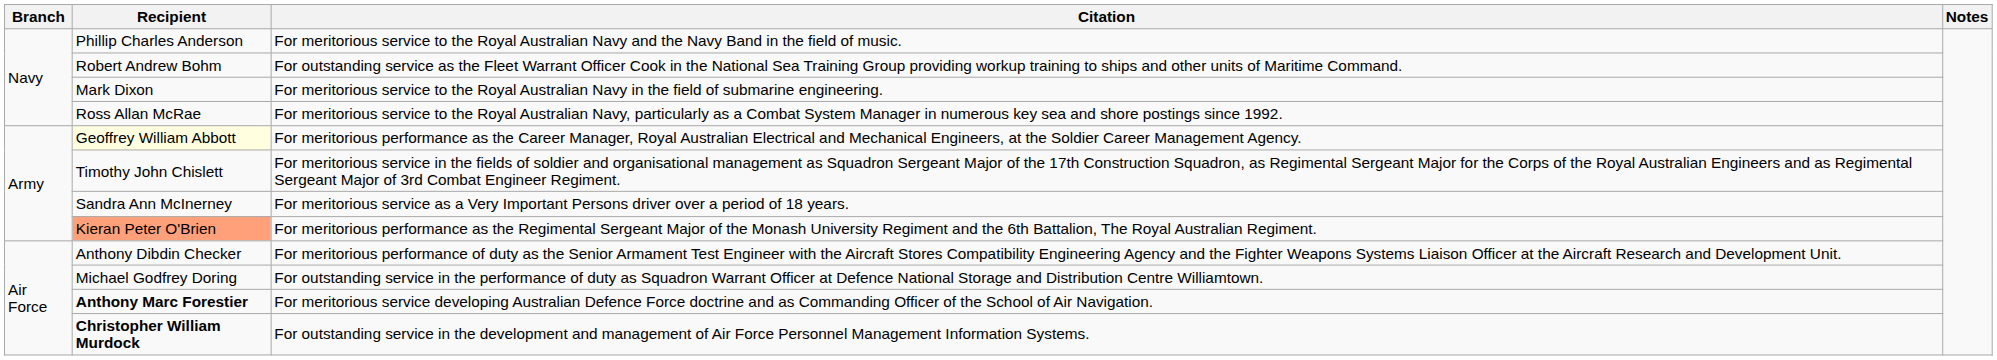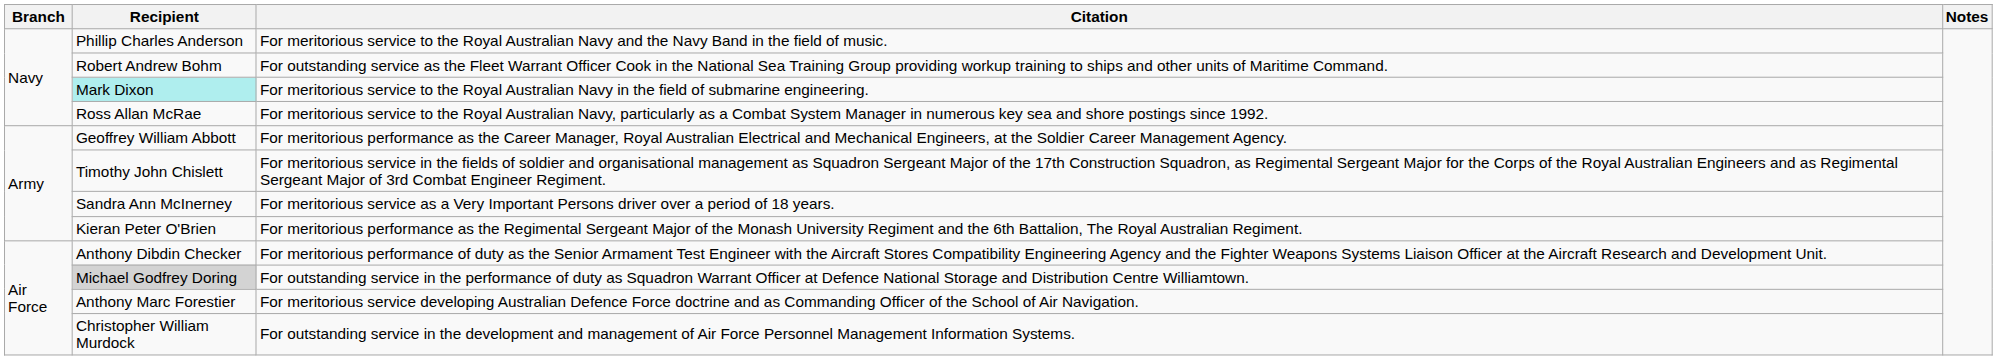 <table class="wikitable" style="font-size:95%;">
 <tr>
 <th>Branch</th>
 <th>Recipient</th>
 <th>Citation</th>
 <th>Notes</th>
 </tr>
 <tr>
 <td rowspan="4">Navy</td>
 <td> Phillip Charles Anderson</td>
 <td>For meritorious service to the Royal Australian Navy and the Navy Band in the field of music.</td>
 <td rowspan="12"></td>
 </tr>
 <tr>
 <td> Robert Andrew Bohm</td>
 <td>For outstanding service as the Fleet Warrant Officer Cook in the National Sea Training Group providing workup training to ships and other units of Maritime Command.</td>
 </tr>
 <tr>
-<td> Mark Dixon</td>
+<td style="background: paleturquoise;"> Mark Dixon</td>
 <td>For meritorious service to the Royal Australian Navy in the field of submarine engineering.</td>
 </tr>
 <tr>
 <td> Ross Allan McRae</td>
 <td>For meritorious service to the Royal Australian Navy, particularly as a Combat System Manager in numerous key sea and shore postings since 1992.</td>
 </tr>
 <tr>
 <td rowspan="4">Army</td>
-<td style="background: lightyellow;"> Geoffrey William Abbott</td>
+<td> Geoffrey William Abbott</td>
 <td>For meritorious performance as the Career Manager, Royal Australian Electrical and Mechanical Engineers, at the Soldier Career Management Agency.</td>
 </tr>
 <tr>
 <td> Timothy John Chislett</td>
 <td>For meritorious service in the fields of soldier and organisational management as Squadron Sergeant Major of the 17th Construction Squadron, as Regimental Sergeant Major for the Corps of the Royal Australian Engineers and as Regimental Sergeant Major of 3rd Combat Engineer Regiment.</td>
 </tr>
 <tr>
 <td> Sandra Ann McInerney</td>
 <td>For meritorious service as a Very Important Persons driver over a period of 18 years.</td>
 </tr>
 <tr>
-<td style="background: lightsalmon;"> Kieran Peter O'Brien</td>
+<td> Kieran Peter O'Brien</td>
 <td>For meritorious performance as the Regimental Sergeant Major of the Monash University Regiment and the 6th Battalion, The Royal Australian Regiment.</td>
 </tr>
 <tr>
 <td rowspan="4">Air Force</td>
 <td> Anthony Dibdin Checker</td>
 <td>For meritorious performance of duty as the Senior Armament Test Engineer with the Aircraft Stores Compatibility Engineering Agency and the Fighter Weapons Systems Liaison Officer at the Aircraft Research and Development Unit.</td>
 </tr>
 <tr>
-<td> Michael Godfrey Doring</td>
+<td style="background: lightgrey;"> Michael Godfrey Doring</td>
 <td>For outstanding service in the performance of duty as Squadron Warrant Officer at Defence National Storage and Distribution Centre Williamtown.</td>
 </tr>
 <tr>
-<td><strong> Anthony Marc Forestier</strong></td>
+<td> Anthony Marc Forestier</td>
 <td>For meritorious service developing Australian Defence Force doctrine and as Commanding Officer of the School of Air Navigation.</td>
 </tr>
 <tr>
-<td><strong> Christopher William Murdock</strong></td>
+<td> Christopher William Murdock</td>
 <td>For outstanding service in the development and management of Air Force Personnel Management Information Systems.</td>
 </tr>
 </table>
